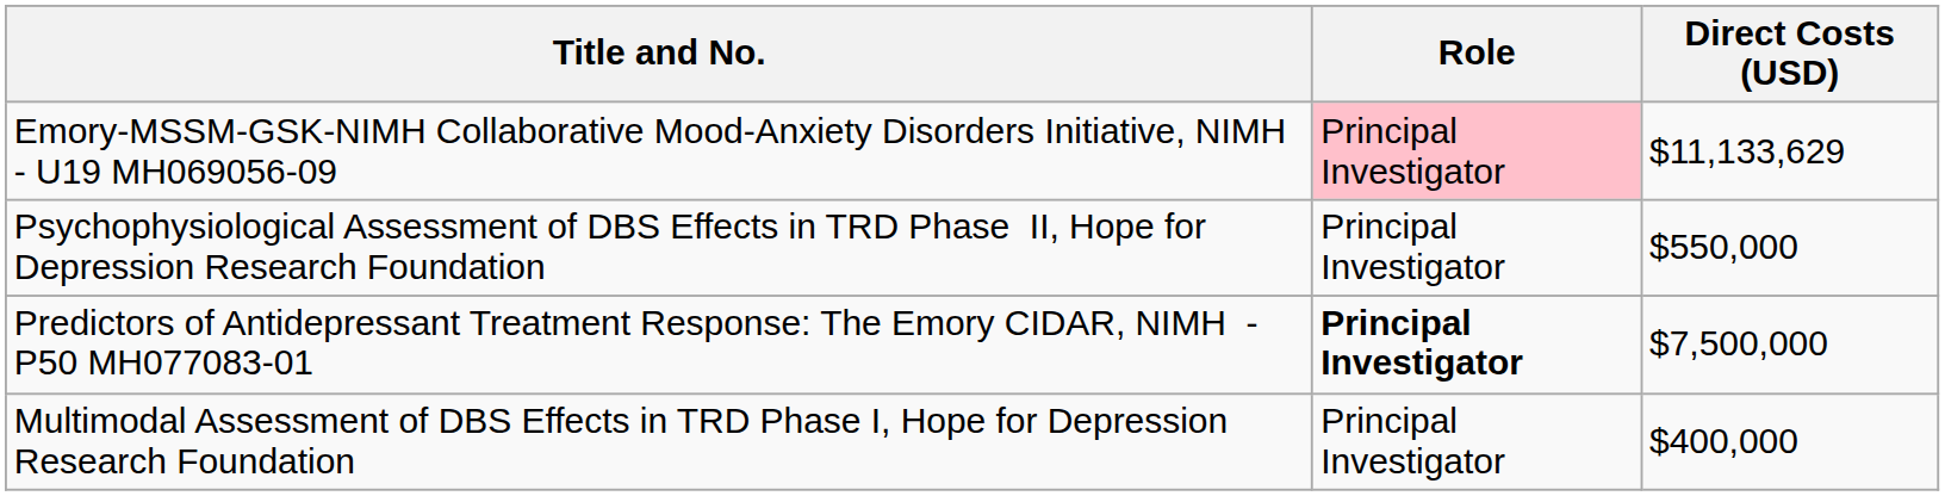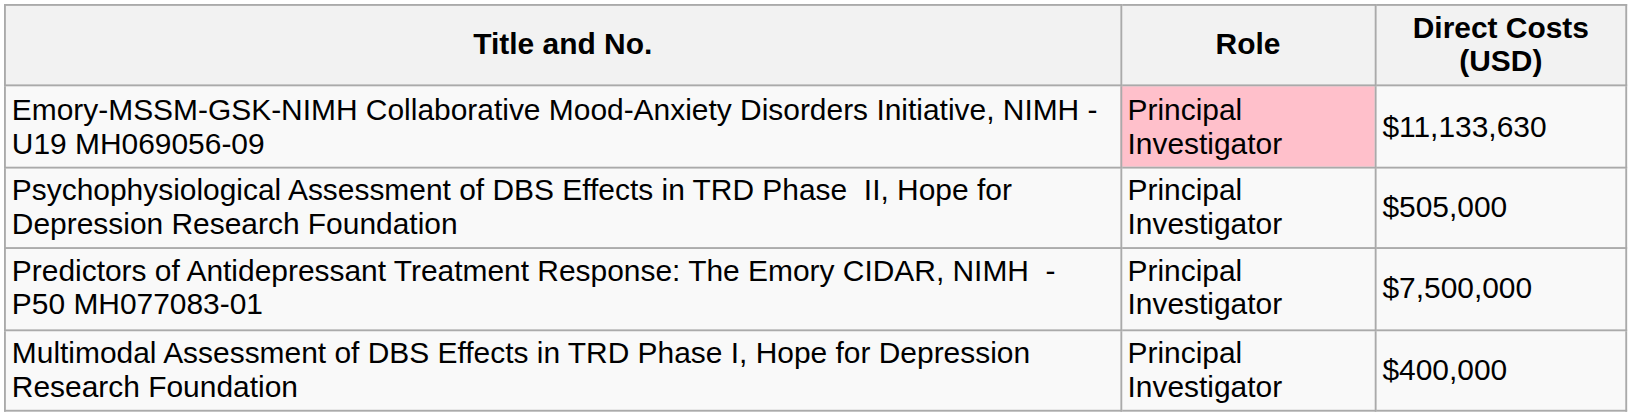 <table class="wikitable">
 <tr>
 <th>Title and No.</th>
 <th>Role</th>
 <th>Direct Costs (USD)</th>
 </tr>
 <tr>
 <td>Emory-MSSM-GSK-NIMH Collaborative Mood-Anxiety Disorders Initiative, NIMH - U19 MH069056-09</td>
 <td style="background: pink;">Principal Investigator</td>
-<td>$11,133,629</td>
+<td>$11,133,630</td>
 </tr>
 <tr>
 <td>Psychophysiological Assessment of DBS Effects in TRD Phase  II, Hope for Depression Research Foundation</td>
 <td>Principal Investigator</td>
-<td>$550,000</td>
+<td>$505,000</td>
 </tr>
 <tr>
 <td>Predictors of Antidepressant Treatment Response: The Emory CIDAR, NIMH  - P50 MH077083-01</td>
-<td><strong>Principal Investigator</strong></td>
+<td>Principal Investigator</td>
 <td>$7,500,000</td>
 </tr>
 <tr>
 <td>Multimodal Assessment of DBS Effects in TRD Phase I, Hope for Depression Research Foundation</td>
 <td>Principal Investigator</td>
 <td>$400,000</td>
 </tr>
 </table>
